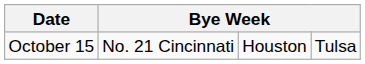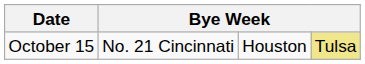 <table class="wikitable" style="font-size:95%;">
 <tr>
 <th>Date</th>
 <th colspan="3">Bye Week</th>
 </tr>
 <tr>
 <td>October 15</td>
 <td>No. 21 Cincinnati</td>
 <td>Houston</td>
-<td>Tulsa</td>
+<td style="background: khaki;">Tulsa</td>
 </tr>
 </table>
